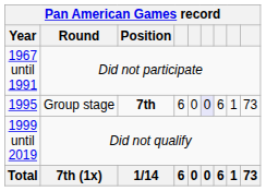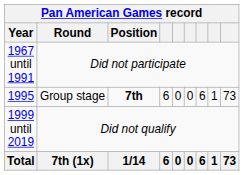 <table class="wikitable" style="text-align: center;">
 <tr>
 <th colspan=10><a href='#'>Pan American Games</a> record</th>
 </tr>
 <tr>
 <th>Year</th>
 <th>Round</th>
 <th>Position</th>
 <th></th>
 <th></th>
 <th></th>
 <th></th>
 <th></th>
 <th></th>
 </tr>
 <tr>
 <td> <a href='#'>1967</a><br>until<br> <a href='#'>1991</a></td>
 <td colspan=8><em>Did not participate</em></td>
 </tr>
 <tr>
 <td> <a href='#'>1995</a></td>
 <td>Group stage</td>
 <td><strong>7th</strong></td>
 <td>6</td>
 <td>0</td>
-<td style="background: lavender;">0</td>
+<td>0</td>
 <td>6</td>
 <td>1</td>
 <td>73</td>
 </tr>
 <tr>
 <td> <a href='#'>1999</a><br>until<br> <a href='#'>2019</a></td>
 <td colspan=8><em>Did not qualify</em></td>
 </tr>
 <tr>
 <th>Total</th>
 <th>7th (1x)</th>
 <th>1/14</th>
 <th>6</th>
 <th>0</th>
 <th>0</th>
 <th>6</th>
 <th>1</th>
 <th>73</th>
 </tr>
 </table>
